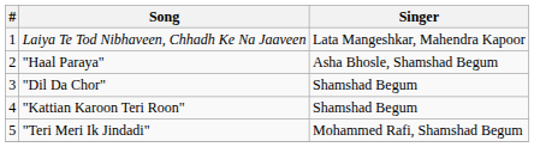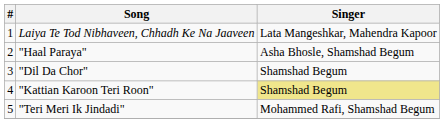 <table class="wikitable">
 <tr>
 <th>#</th>
 <th>Song</th>
 <th>Singer</th>
 </tr>
 <tr>
 <td>1</td>
 <td><em>Laiya Te Tod Nibhaveen, Chhadh Ke Na Jaaveen</em></td>
 <td>Lata Mangeshkar, Mahendra Kapoor</td>
 </tr>
 <tr>
 <td>2</td>
 <td>"Haal Paraya"</td>
 <td>Asha Bhosle, Shamshad Begum</td>
 </tr>
 <tr>
 <td>3</td>
 <td>"Dil Da Chor"</td>
 <td>Shamshad Begum</td>
 </tr>
 <tr>
 <td>4</td>
 <td>"Kattian Karoon Teri Roon"</td>
-<td>Shamshad Begum</td>
+<td style="background: khaki;">Shamshad Begum</td>
 </tr>
 <tr>
 <td>5</td>
 <td>"Teri Meri Ik Jindadi"</td>
 <td>Mohammed Rafi, Shamshad Begum</td>
 </tr>
 <tr>
 </tr>
 </table>
